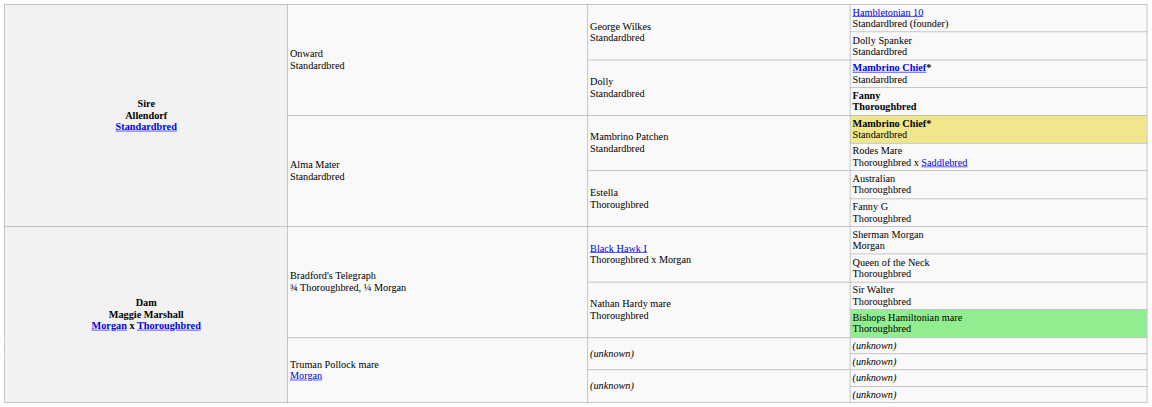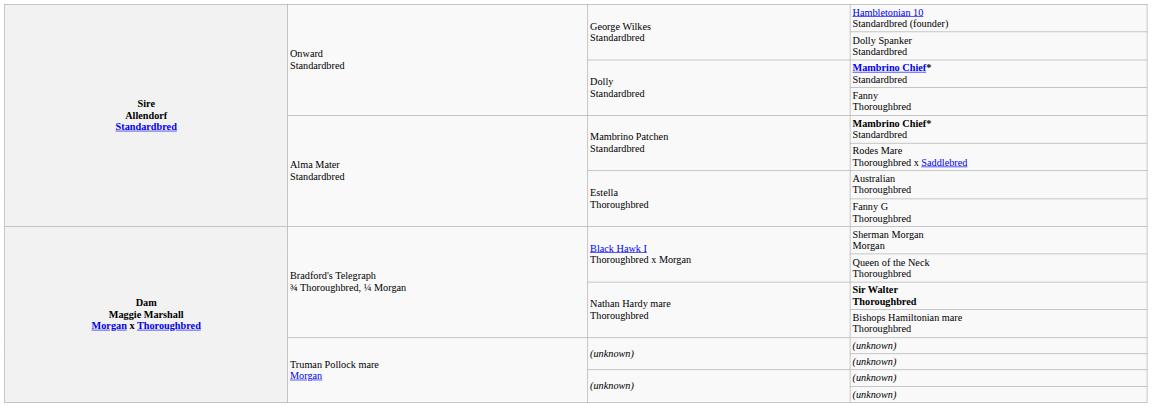 <table class="wikitable" style="clear:both; margin:0 auto; width:90%;">
 <tr>
 <th rowspan="8">Sire<br>Allendorf<br><a href='#'>Standardbred</a></th>
 <td rowspan="4">Onward<br>Standardbred</td>
 <td rowspan="2">George Wilkes<br>Standardbred</td>
 <td><a href='#'>Hambletonian 10</a><br>Standardbred (founder)</td>
 </tr>
 <tr>
 <td>Dolly Spanker<br>Standardbred</td>
 </tr>
 <tr>
 <td rowspan="2">Dolly<br>Standardbred</td>
 <td><strong><a href='#'>Mambrino Chief</a>*</strong><br>Standardbred</td>
 </tr>
 <tr>
-<td><strong>Fanny<br>Thoroughbred</strong></td>
+<td>Fanny<br>Thoroughbred</td>
 </tr>
 <tr>
 <td rowspan="4">Alma Mater<br>Standardbred</td>
 <td rowspan="2">Mambrino Patchen<br>Standardbred</td>
-<td style="background: khaki;"><strong>Mambrino Chief*</strong><br>Standardbred</td>
+<td><strong>Mambrino Chief*</strong><br>Standardbred</td>
 </tr>
 <tr>
 <td>Rodes Mare<br>Thoroughbred x <a href='#'>Saddlebred</a></td>
 </tr>
 <tr>
 <td rowspan="2">Estella<br>Thoroughbred</td>
 <td>Australian<br>Thoroughbred</td>
 </tr>
 <tr>
 <td>Fanny G<br>Thoroughbred</td>
 </tr>
 <tr>
 <th rowspan="8">Dam<br>Maggie Marshall<br><a href='#'>Morgan</a> x <a href='#'>Thoroughbred</a></th>
 <td rowspan="4">Bradford's Telegraph<br>¾ Thoroughbred, ¼ Morgan</td>
 <td rowspan="2"><a href='#'>Black Hawk I</a><br>Thoroughbred x Morgan</td>
 <td>Sherman Morgan<br>Morgan</td>
 </tr>
 <tr>
 <td>Queen of the Neck<br>Thoroughbred</td>
 </tr>
 <tr>
 <td rowspan="2">Nathan Hardy mare<br>Thoroughbred</td>
-<td>Sir Walter<br>Thoroughbred</td>
+<td><strong>Sir Walter<br>Thoroughbred</strong></td>
 </tr>
 <tr>
-<td style="background: lightgreen;">Bishops Hamiltonian mare<br>Thoroughbred</td>
+<td>Bishops Hamiltonian mare<br>Thoroughbred</td>
 </tr>
 <tr>
 <td rowspan="4">Truman Pollock mare<br><a href='#'>Morgan</a></td>
 <td rowspan="2"><span><em>(unknown)</em></span></td>
 <td><span><em>(unknown)</em></span></td>
 </tr>
 <tr>
 <td><span><em>(unknown)</em></span></td>
 </tr>
 <tr>
 <td rowspan="2"><span><em>(unknown)</em></span></td>
 <td><span><em>(unknown)</em></span></td>
 </tr>
 <tr>
 <td><span><em>(unknown)</em></span></td>
 </tr>
 </table>
